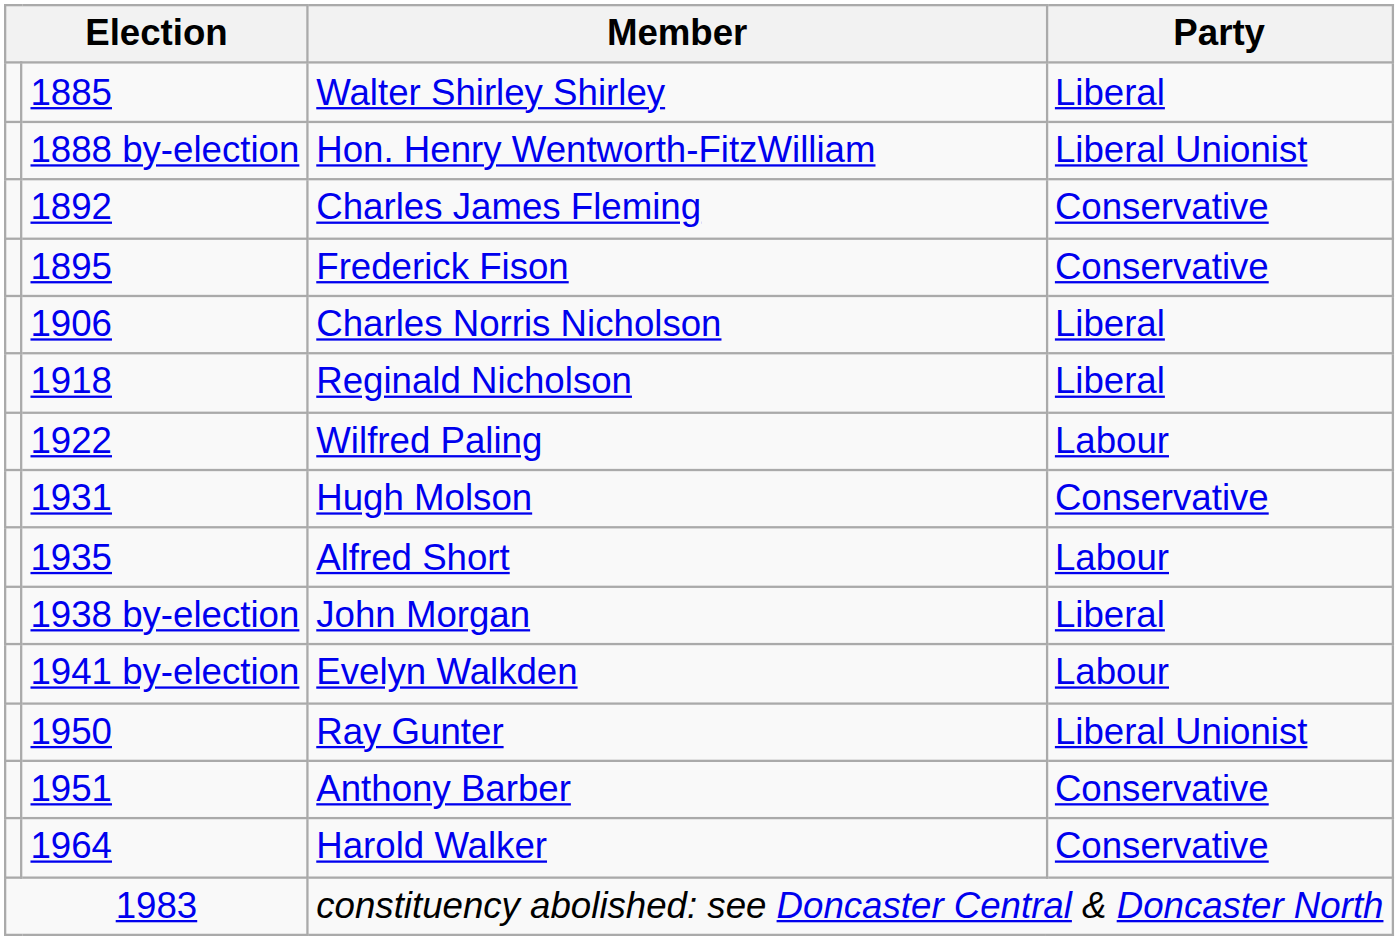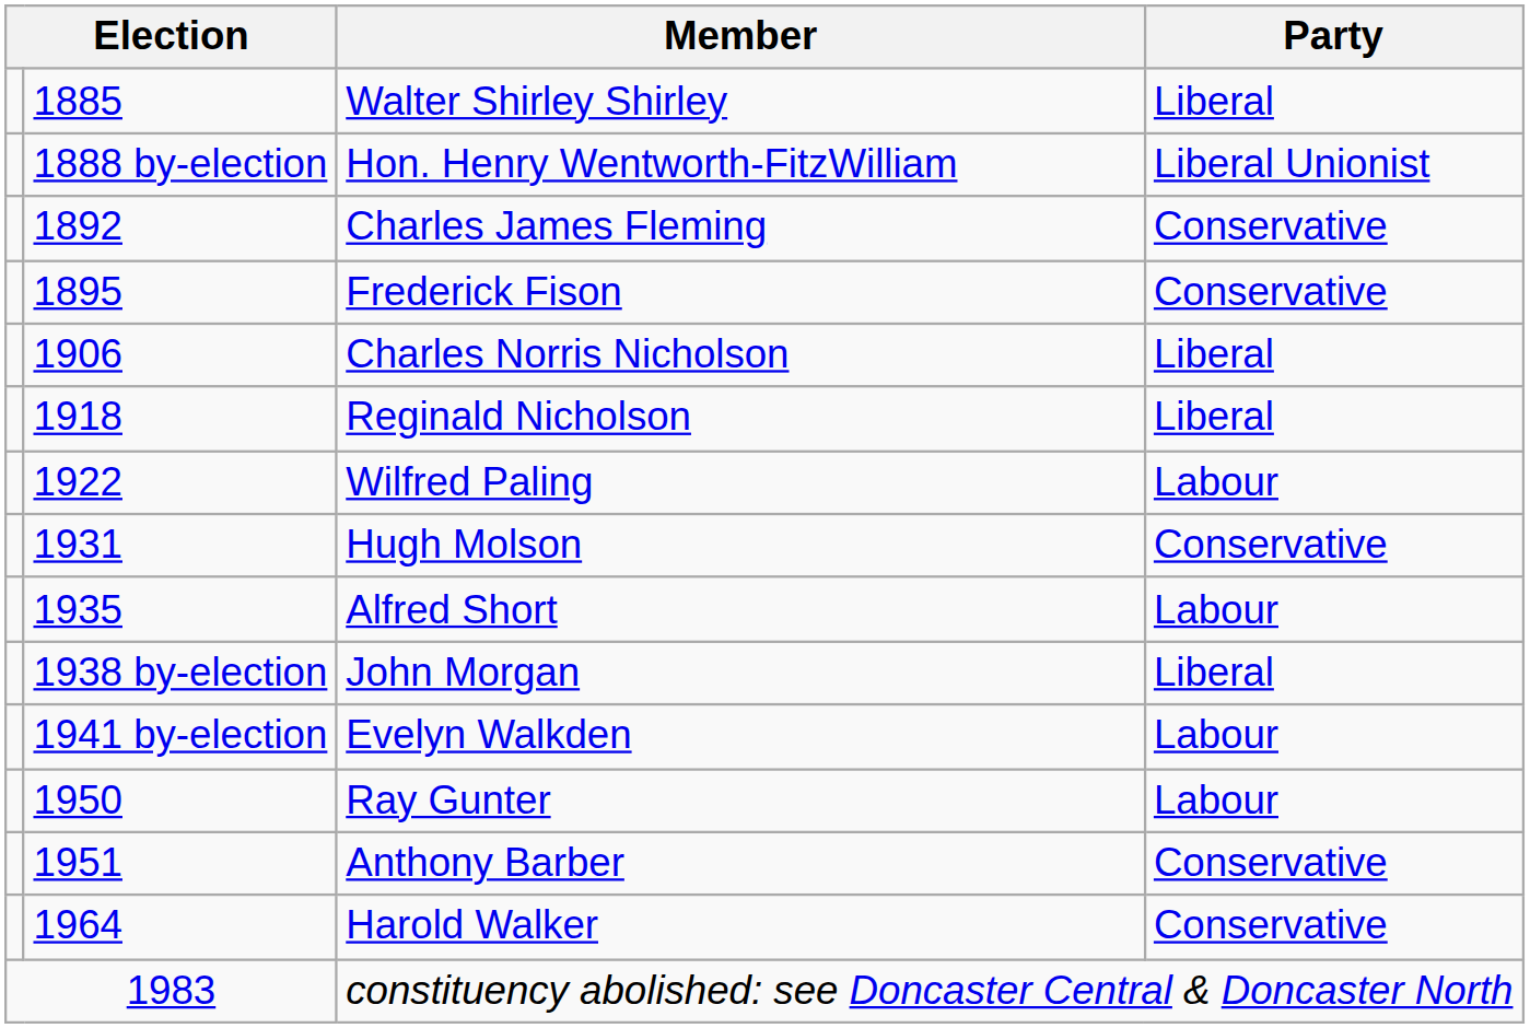 <table class="wikitable">
 <tr>
 <th colspan="2">Election</th>
 <th>Member</th>
 <th>Party</th>
 </tr>
 <tr>
 <td style="color:inherit;background-color: "></td>
 <td><a href='#'>1885</a></td>
 <td><a href='#'>Walter Shirley Shirley</a></td>
 <td><a href='#'>Liberal</a></td>
 </tr>
 <tr>
 <td style="color:inherit;background-color: "></td>
 <td><a href='#'>1888 by-election</a></td>
 <td><a href='#'>Hon. Henry Wentworth-FitzWilliam</a></td>
 <td><a href='#'>Liberal Unionist</a></td>
 </tr>
 <tr>
 <td style="color:inherit;background-color: "></td>
 <td><a href='#'>1892</a></td>
 <td><a href='#'>Charles James Fleming</a></td>
 <td><a href='#'>Conservative</a></td>
 </tr>
 <tr>
 <td style="color:inherit;background-color: "></td>
 <td><a href='#'>1895</a></td>
 <td><a href='#'>Frederick Fison</a></td>
 <td><a href='#'>Conservative</a></td>
 </tr>
 <tr>
 <td style="color:inherit;background-color: "></td>
 <td><a href='#'>1906</a></td>
 <td><a href='#'>Charles Norris Nicholson</a></td>
 <td><a href='#'>Liberal</a></td>
 </tr>
 <tr>
 <td style="color:inherit;background-color: "></td>
 <td><a href='#'>1918</a></td>
 <td><a href='#'>Reginald Nicholson</a></td>
 <td><a href='#'>Liberal</a></td>
 </tr>
 <tr>
 <td style="color:inherit;background-color: "></td>
 <td><a href='#'>1922</a></td>
 <td><a href='#'>Wilfred Paling</a></td>
 <td><a href='#'>Labour</a></td>
 </tr>
 <tr>
 <td style="color:inherit;background-color: "></td>
 <td><a href='#'>1931</a></td>
 <td><a href='#'>Hugh Molson</a></td>
 <td><a href='#'>Conservative</a></td>
 </tr>
 <tr>
 <td style="color:inherit;background-color: "></td>
 <td><a href='#'>1935</a></td>
 <td><a href='#'>Alfred Short</a></td>
 <td><a href='#'>Labour</a></td>
 </tr>
 <tr>
 <td style="color:inherit;background-color: "></td>
 <td><a href='#'>1938 by-election</a></td>
 <td><a href='#'>John Morgan</a></td>
 <td><a href='#'>Liberal</a></td>
 </tr>
 <tr>
 <td style="color:inherit;background-color: "></td>
 <td><a href='#'>1941 by-election</a></td>
 <td><a href='#'>Evelyn Walkden</a></td>
 <td><a href='#'>Labour</a></td>
 </tr>
 <tr>
 <td style="color:inherit;background-color: "></td>
 <td><a href='#'>1950</a></td>
 <td><a href='#'>Ray Gunter</a></td>
-<td><a href='#'>Liberal Unionist</a></td>
+<td><a href='#'>Labour</a></td>
 </tr>
 <tr>
 <td style="color:inherit;background-color: "></td>
 <td><a href='#'>1951</a></td>
 <td><a href='#'>Anthony Barber</a></td>
 <td><a href='#'>Conservative</a></td>
 </tr>
 <tr>
 <td style="color:inherit;background-color: "></td>
 <td><a href='#'>1964</a></td>
 <td><a href='#'>Harold Walker</a></td>
 <td><a href='#'>Conservative</a></td>
 </tr>
 <tr>
 <td colspan="2" align="center"><a href='#'>1983</a></td>
 <td colspan="2"><em>constituency abolished: see <a href='#'>Doncaster Central</a> & <a href='#'>Doncaster North</a></em></td>
 </tr>
 </table>
